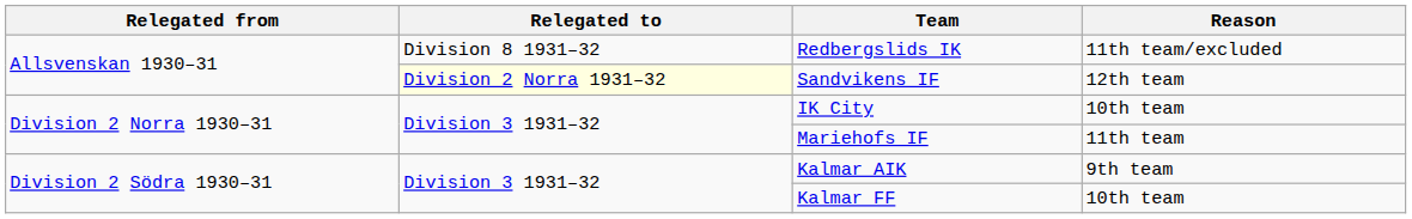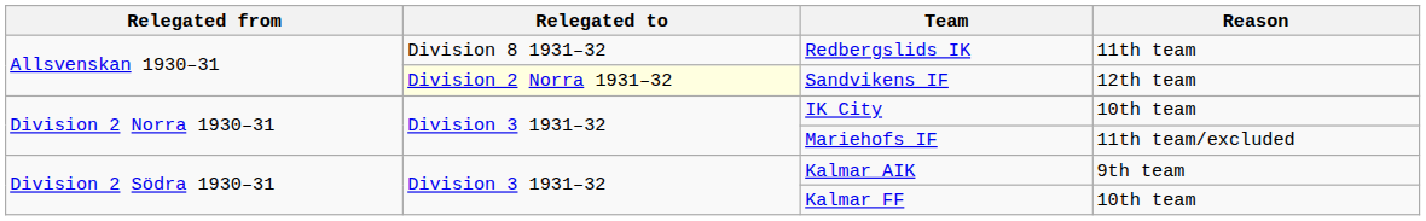 <table class="wikitable" style="text-align: left;">
 <tr>
 <th style="width: 275px;">Relegated from</th>
 <th style="width: 275px;">Relegated to</th>
 <th style="width: 200px;">Team</th>
 <th style="width: 225px;">Reason</th>
 </tr>
 <tr>
 <td rowspan=2><a href='#'>Allsvenskan</a> 1930–31</td>
 <td>Division 8 1931–32</td>
 <td><a href='#'>Redbergslids IK</a></td>
-<td>11th team/excluded</td>
+<td>11th team</td>
 </tr>
 <tr>
 <td style="background: lightyellow;"><a href='#'>Division 2</a> <a href='#'>Norra</a> 1931–32</td>
 <td><a href='#'>Sandvikens IF</a></td>
 <td>12th team</td>
 </tr>
 <tr>
 <td rowspan=2><a href='#'>Division 2</a> <a href='#'>Norra</a> 1930–31</td>
 <td rowspan=2><a href='#'>Division 3</a> 1931–32</td>
 <td><a href='#'>IK City</a></td>
 <td>10th team</td>
 </tr>
 <tr>
 <td><a href='#'>Mariehofs IF</a></td>
-<td>11th team</td>
+<td>11th team/excluded</td>
 </tr>
 <tr>
 <td rowspan=2><a href='#'>Division 2</a> <a href='#'>Södra</a> 1930–31</td>
 <td rowspan=2><a href='#'>Division 3</a> 1931–32</td>
 <td><a href='#'>Kalmar AIK</a></td>
 <td>9th team</td>
 </tr>
 <tr>
 <td><a href='#'>Kalmar FF</a></td>
 <td>10th team</td>
 </tr>
 </table>
